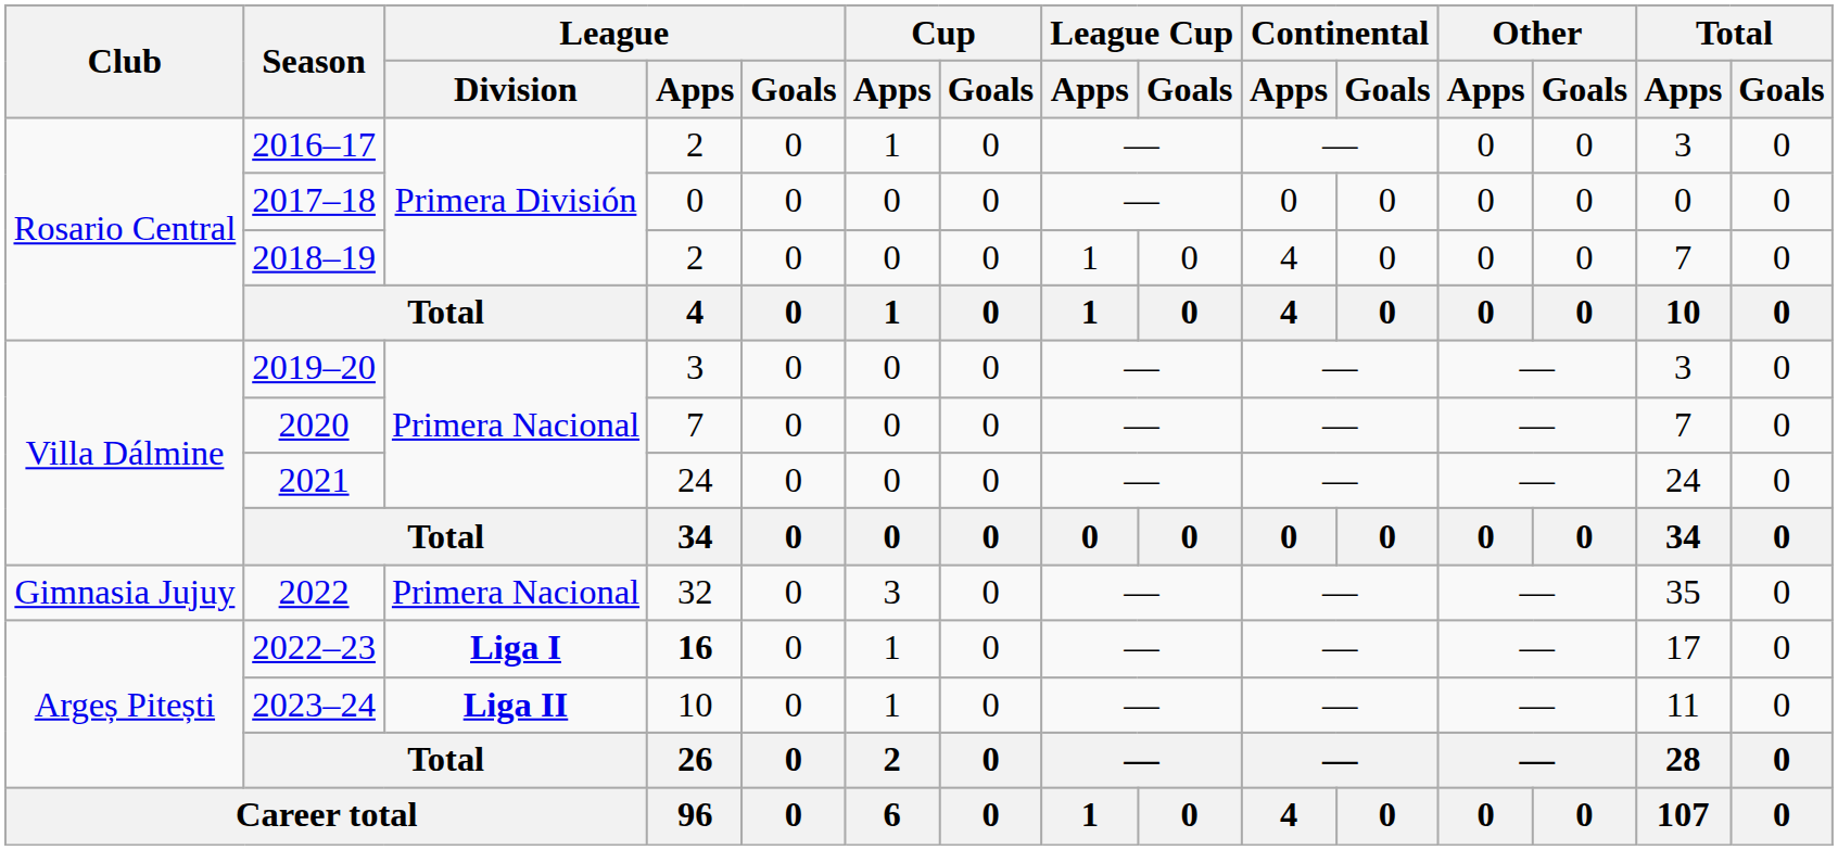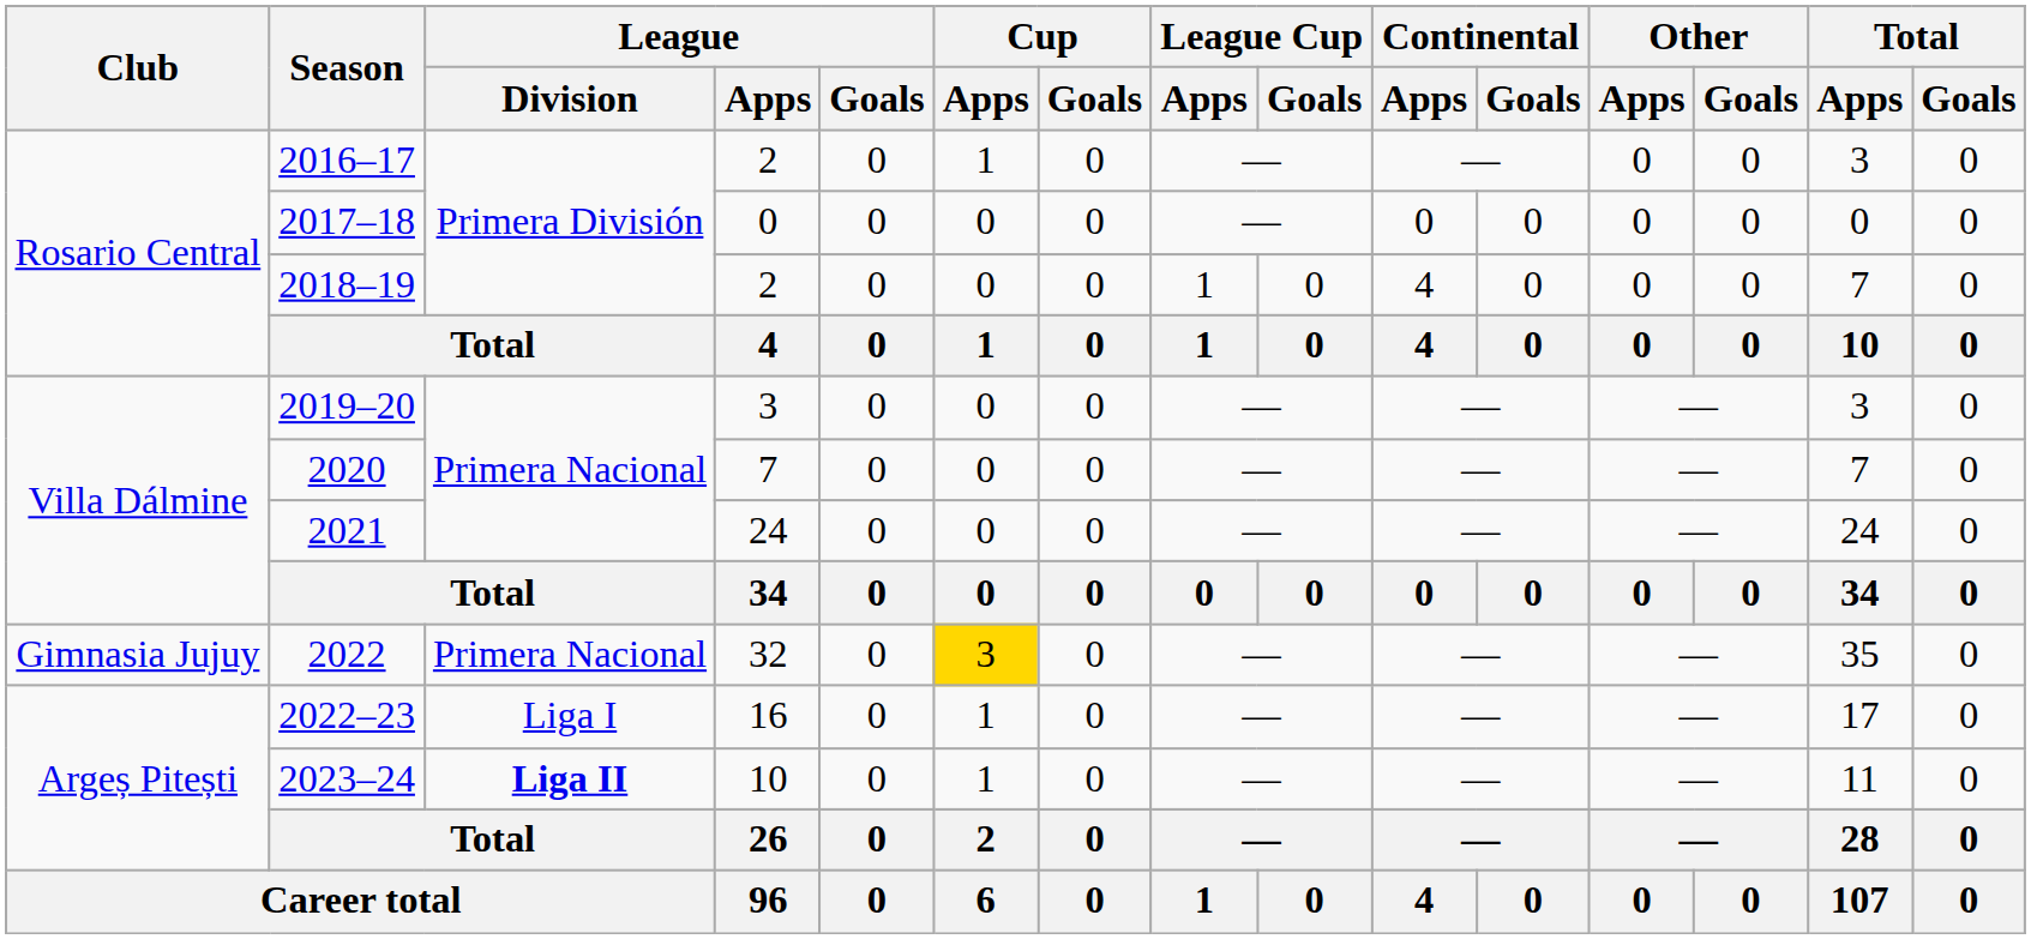 <table class="wikitable" style="text-align:center">
 <tr>
 <th rowspan="2">Club</th>
 <th rowspan="2">Season</th>
 <th colspan="3">League</th>
 <th colspan="2">Cup</th>
 <th colspan="2">League Cup</th>
 <th colspan="2">Continental</th>
 <th colspan="2">Other</th>
 <th colspan="2">Total</th>
 </tr>
 <tr>
 <th>Division</th>
 <th>Apps</th>
 <th>Goals</th>
 <th>Apps</th>
 <th>Goals</th>
 <th>Apps</th>
 <th>Goals</th>
 <th>Apps</th>
 <th>Goals</th>
 <th>Apps</th>
 <th>Goals</th>
 <th>Apps</th>
 <th>Goals</th>
 </tr>
 <tr>
 <td rowspan="4"><a href='#'>Rosario Central</a></td>
 <td><a href='#'>2016–17</a></td>
 <td rowspan="3"><a href='#'>Primera División</a></td>
 <td>2</td>
 <td>0</td>
 <td>1</td>
 <td>0</td>
 <td colspan="2">—</td>
 <td colspan="2">—</td>
 <td>0</td>
 <td>0</td>
 <td>3</td>
 <td>0</td>
 </tr>
 <tr>
 <td><a href='#'>2017–18</a></td>
 <td>0</td>
 <td>0</td>
 <td>0</td>
 <td>0</td>
 <td colspan="2">—</td>
 <td>0</td>
 <td>0</td>
 <td>0</td>
 <td>0</td>
 <td>0</td>
 <td>0</td>
 </tr>
 <tr>
 <td><a href='#'>2018–19</a></td>
 <td>2</td>
 <td>0</td>
 <td>0</td>
 <td>0</td>
 <td>1</td>
 <td>0</td>
 <td>4</td>
 <td>0</td>
 <td>0</td>
 <td>0</td>
 <td>7</td>
 <td>0</td>
 </tr>
 <tr>
 <th colspan="2">Total</th>
 <th>4</th>
 <th>0</th>
 <th>1</th>
 <th>0</th>
 <th>1</th>
 <th>0</th>
 <th>4</th>
 <th>0</th>
 <th>0</th>
 <th>0</th>
 <th>10</th>
 <th>0</th>
 </tr>
 <tr>
 <td rowspan="4"><a href='#'>Villa Dálmine</a></td>
 <td><a href='#'>2019–20</a></td>
 <td rowspan="3"><a href='#'>Primera Nacional</a></td>
 <td>3</td>
 <td>0</td>
 <td>0</td>
 <td>0</td>
 <td colspan="2">—</td>
 <td colspan="2">—</td>
 <td colspan="2">—</td>
 <td>3</td>
 <td>0</td>
 </tr>
 <tr>
 <td><a href='#'>2020</a></td>
 <td>7</td>
 <td>0</td>
 <td>0</td>
 <td>0</td>
 <td colspan="2">—</td>
 <td colspan="2">—</td>
 <td colspan="2">—</td>
 <td>7</td>
 <td>0</td>
 </tr>
 <tr>
 <td><a href='#'>2021</a></td>
 <td>24</td>
 <td>0</td>
 <td>0</td>
 <td>0</td>
 <td colspan="2">—</td>
 <td colspan="2">—</td>
 <td colspan="2">—</td>
 <td>24</td>
 <td>0</td>
 </tr>
 <tr>
 <th colspan="2">Total</th>
 <th>34</th>
 <th>0</th>
 <th>0</th>
 <th>0</th>
 <th>0</th>
 <th>0</th>
 <th>0</th>
 <th>0</th>
 <th>0</th>
 <th>0</th>
 <th>34</th>
 <th>0</th>
 </tr>
 <tr>
 <td><a href='#'>Gimnasia Jujuy</a></td>
 <td><a href='#'>2022</a></td>
 <td><a href='#'>Primera Nacional</a></td>
 <td>32</td>
 <td>0</td>
-<td>3</td>
+<td style="background: gold;">3</td>
 <td>0</td>
 <td colspan="2">—</td>
 <td colspan="2">—</td>
 <td colspan="2">—</td>
 <td>35</td>
 <td>0</td>
 </tr>
 <tr>
 <td rowspan="3"><a href='#'>Argeș Pitești</a></td>
 <td><a href='#'>2022–23</a></td>
-<td><strong><a href='#'>Liga I</a></strong></td>
-<td><strong>16</strong></td>
+<td><a href='#'>Liga I</a></td>
+<td>16</td>
 <td>0</td>
 <td>1</td>
 <td>0</td>
 <td colspan="2">—</td>
 <td colspan="2">—</td>
 <td colspan="2">—</td>
 <td>17</td>
 <td>0</td>
 </tr>
 <tr>
 <td><a href='#'>2023–24</a></td>
 <td><strong><a href='#'>Liga II</a></strong></td>
 <td>10</td>
 <td>0</td>
 <td>1</td>
 <td>0</td>
 <td colspan="2">—</td>
 <td colspan="2">—</td>
 <td colspan="2">—</td>
 <td>11</td>
 <td>0</td>
 </tr>
 <tr>
 <th colspan="2">Total</th>
 <th>26</th>
 <th>0</th>
 <th>2</th>
 <th>0</th>
 <th colspan="2">—</th>
 <th colspan="2">—</th>
 <th colspan="2">—</th>
 <th>28</th>
 <th>0</th>
 </tr>
 <tr>
 <th colspan="3">Career total</th>
 <th>96</th>
 <th>0</th>
 <th>6</th>
 <th>0</th>
 <th>1</th>
 <th>0</th>
 <th>4</th>
 <th>0</th>
 <th>0</th>
 <th>0</th>
 <th>107</th>
 <th>0</th>
 </tr>
 </table>
